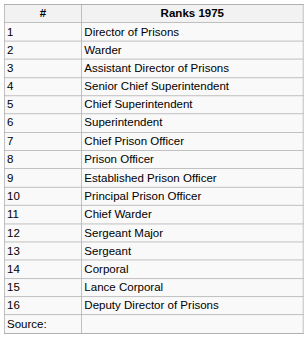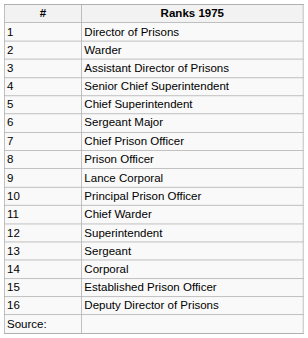 <table class="wikitable">
 <tr>
 </tr>
 <tr bgcolor="F1F1F1">
 <th align="left" width="100">#</th>
 <th align="left" width="300">Ranks 1975</th>
 </tr>
 <tr>
 <td>1</td>
 <td>Director of Prisons</td>
 </tr>
 <tr>
 <td>2</td>
 <td>Warder</td>
 </tr>
 <tr>
 <td>3</td>
 <td>Assistant Director of Prisons</td>
 </tr>
 <tr>
 <td>4</td>
 <td>Senior Chief Superintendent</td>
 </tr>
 <tr>
 <td>5</td>
 <td>Chief Superintendent</td>
 </tr>
 <tr>
 <td>6</td>
-<td>Superintendent</td>
+<td>Sergeant Major</td>
 </tr>
 <tr>
 <td>7</td>
 <td>Chief Prison Officer</td>
 </tr>
 <tr>
 <td>8</td>
 <td>Prison Officer</td>
 </tr>
 <tr>
 <td>9</td>
-<td>Established Prison Officer</td>
+<td>Lance Corporal</td>
 </tr>
 <tr>
 <td>10</td>
 <td>Principal Prison Officer</td>
 </tr>
 <tr>
 <td>11</td>
 <td>Chief Warder</td>
 </tr>
 <tr>
 <td>12</td>
-<td>Sergeant Major</td>
+<td>Superintendent</td>
 </tr>
 <tr>
 <td>13</td>
 <td>Sergeant</td>
 </tr>
 <tr>
 <td>14</td>
 <td>Corporal</td>
 </tr>
 <tr>
 <td>15</td>
-<td>Lance Corporal</td>
+<td>Established Prison Officer</td>
 </tr>
 <tr>
 <td>16</td>
 <td>Deputy Director of Prisons</td>
 </tr>
 <tr>
 <td>Source:</td>
 <td></td>
 </tr>
 <tr>
 </tr>
 </table>
